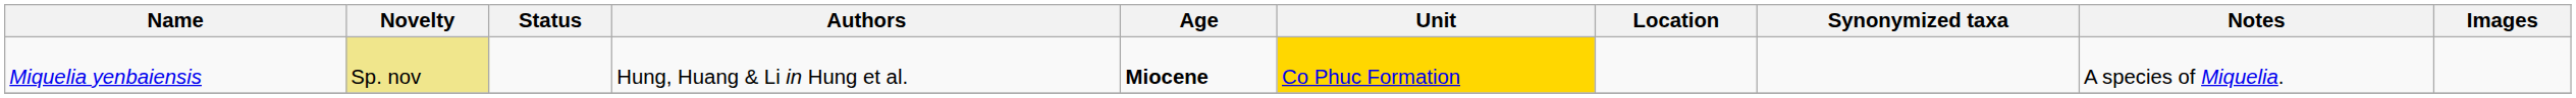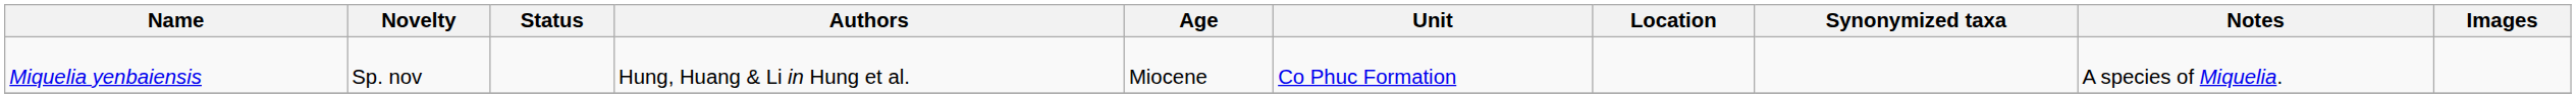 <table class="wikitable sortable" align="center" width="100%">
 <tr>
 <th>Name</th>
 <th>Novelty</th>
 <th>Status</th>
 <th>Authors</th>
 <th>Age</th>
 <th>Unit</th>
 <th>Location</th>
 <th>Synonymized taxa</th>
 <th>Notes</th>
 <th>Images</th>
 </tr>
 <tr>
 <td><br><em><a href='#'>Miquelia yenbaiensis</a></em></td>
-<td style="background: khaki;"><br>Sp. nov</td>
+<td><br>Sp. nov</td>
 <td></td>
 <td><br>Hung, Huang & Li <em>in</em> Hung et al.</td>
-<td><strong><br>Miocene</strong></td>
-<td style="background: gold;"><br><a href='#'>Co Phuc Formation</a></td>
+<td><br>Miocene</td>
+<td><br><a href='#'>Co Phuc Formation</a></td>
 <td><br></td>
 <td></td>
 <td><br>A species of <em><a href='#'>Miquelia</a></em>.</td>
 <td></td>
 </tr>
 <tr>
 </tr>
 </table>
